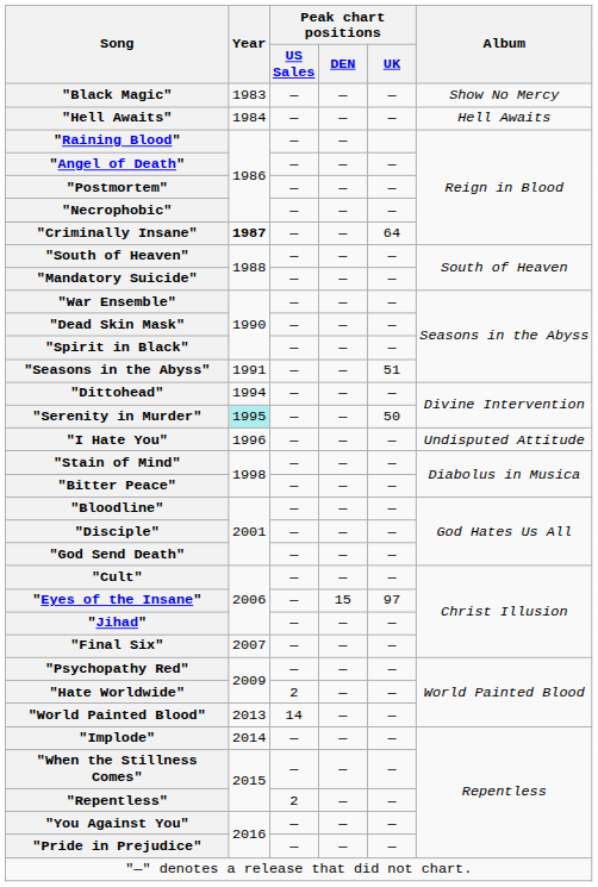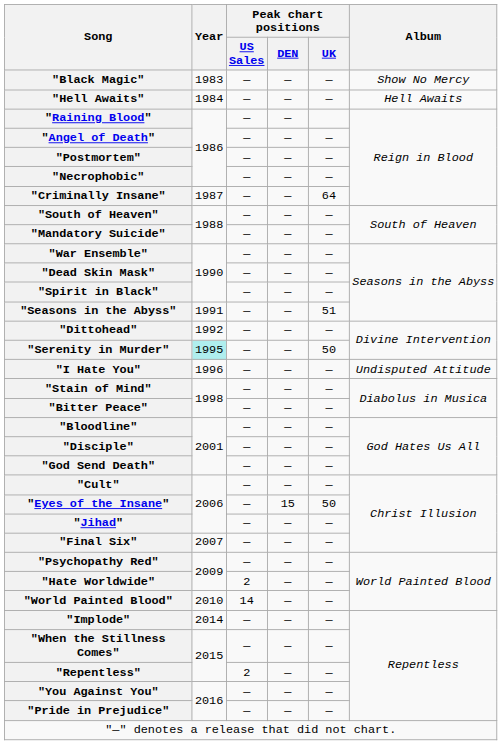 <table class="wikitable plainrowheaders">
 <tr>
 <th scope="col" rowspan="2" style="width:200px;">Song</th>
 <th scope="col" rowspan="2">Year</th>
 <th scope="col" colspan="3">Peak chart positions</th>
 <th scope="col" rowspan="2">Album</th>
 </tr>
 <tr>
 <th style="width:3em"><a href='#'>US<br>Sales</a><br></th>
 <th style="width:3em"><a href='#'>DEN</a><br></th>
 <th style="width:3em"><a href='#'>UK</a><br></th>
 </tr>
 <tr>
 <th scope="row">"Black Magic"</th>
 <td style="text-align:center;">1983</td>
 <td style="text-align:center;">—</td>
 <td style="text-align:center;">—</td>
 <td style="text-align:center;">—</td>
 <td style="text-align:center;"><em>Show No Mercy</em></td>
 </tr>
 <tr>
 <th scope="row">"Hell Awaits"</th>
 <td style="text-align:center;">1984</td>
 <td style="text-align:center;">—</td>
 <td style="text-align:center;">—</td>
 <td style="text-align:center;">—</td>
 <td style="text-align:center;"><em>Hell Awaits</em></td>
 </tr>
 <tr>
 <th scope="row">"<a href='#'>Raining Blood</a>"</th>
 <td style="text-align:center;" rowspan="4">1986</td>
 <td style="text-align:center;">—</td>
 <td style="text-align:center;">—</td>
 <td style="text-align:center;"></td>
 <td style="text-align:center;" rowspan="5"><em>Reign in Blood</em></td>
 </tr>
 <tr>
 <th scope="row">"<a href='#'>Angel of Death</a>"</th>
 <td style="text-align:center;">—</td>
 <td style="text-align:center;">—</td>
 <td style="text-align:center;">—</td>
 </tr>
 <tr>
 <th scope="row">"Postmortem"</th>
 <td style="text-align:center;">—</td>
 <td style="text-align:center;">—</td>
 <td style="text-align:center;">—</td>
 </tr>
 <tr>
 <th scope="row">"Necrophobic"</th>
 <td style="text-align:center;">—</td>
 <td style="text-align:center;">—</td>
 <td style="text-align:center;">—</td>
 </tr>
 <tr>
 <th scope="row">"Criminally Insane"</th>
-<td style="text-align:center;"><strong>1987</strong></td>
+<td style="text-align:center;">1987</td>
 <td style="text-align:center;">—</td>
 <td style="text-align:center;">—</td>
 <td style="text-align:center;">64</td>
 </tr>
 <tr>
 <th scope="row">"South of Heaven"</th>
 <td style="text-align:center;" rowspan="2">1988</td>
 <td style="text-align:center;">—</td>
 <td style="text-align:center;">—</td>
 <td style="text-align:center;">—</td>
 <td style="text-align:center;" rowspan="2"><em>South of Heaven</em></td>
 </tr>
 <tr>
 <th scope="row">"Mandatory Suicide"</th>
 <td style="text-align:center;">—</td>
 <td style="text-align:center;">—</td>
 <td style="text-align:center;">—</td>
 </tr>
 <tr>
 <th scope="row">"War Ensemble"</th>
 <td style="text-align:center;" rowspan="3">1990</td>
 <td style="text-align:center;">—</td>
 <td style="text-align:center;">—</td>
 <td style="text-align:center;">—</td>
 <td style="text-align:center;" rowspan="4"><em>Seasons in the Abyss</em></td>
 </tr>
 <tr>
 <th scope="row">"Dead Skin Mask"</th>
 <td style="text-align:center;">—</td>
 <td style="text-align:center;">—</td>
 <td style="text-align:center;">—</td>
 </tr>
 <tr>
 <th scope="row">"Spirit in Black"</th>
 <td style="text-align:center;">—</td>
 <td style="text-align:center;">—</td>
 <td style="text-align:center;">—</td>
 </tr>
 <tr>
 <th scope="row">"Seasons in the Abyss"</th>
 <td style="text-align:center;">1991</td>
 <td style="text-align:center;">—</td>
 <td style="text-align:center;">—</td>
 <td style="text-align:center;">51</td>
 </tr>
 <tr>
 <th scope="row">"Dittohead"</th>
-<td style="text-align:center;">1994</td>
+<td style="text-align:center;">1992</td>
 <td style="text-align:center;">—</td>
 <td style="text-align:center;">—</td>
 <td style="text-align:center;">—</td>
 <td style="text-align:center;" rowspan="2"><em>Divine Intervention</em></td>
 </tr>
 <tr>
 <th scope="row">"Serenity in Murder"</th>
 <td style="background: paleturquoise; text-align:center;">1995</td>
 <td style="text-align:center;">—</td>
 <td style="text-align:center;">—</td>
 <td style="text-align:center;">50</td>
 </tr>
 <tr>
 <th scope="row">"I Hate You"</th>
 <td style="text-align:center;">1996</td>
 <td style="text-align:center;">—</td>
 <td style="text-align:center;">—</td>
 <td style="text-align:center;">—</td>
 <td style="text-align:center;"><em>Undisputed Attitude</em></td>
 </tr>
 <tr>
 <th scope="row">"Stain of Mind"</th>
 <td style="text-align:center;" rowspan="2">1998</td>
 <td style="text-align:center;">—</td>
 <td style="text-align:center;">—</td>
 <td style="text-align:center;">—</td>
 <td style="text-align:center;" rowspan="2"><em>Diabolus in Musica</em></td>
 </tr>
 <tr>
 <th scope="row">"Bitter Peace"</th>
 <td style="text-align:center;">—</td>
 <td style="text-align:center;">—</td>
 <td style="text-align:center;">—</td>
 </tr>
 <tr>
 <th scope="row">"Bloodline"</th>
 <td style="text-align:center;" rowspan="3">2001</td>
 <td style="text-align:center;">—</td>
 <td style="text-align:center;">—</td>
 <td style="text-align:center;">—</td>
 <td style="text-align:center;" rowspan="3"><em>God Hates Us All</em></td>
 </tr>
 <tr>
 <th scope="row">"Disciple"</th>
 <td style="text-align:center;">—</td>
 <td style="text-align:center;">—</td>
 <td style="text-align:center;">—</td>
 </tr>
 <tr>
 <th scope="row">"God Send Death"</th>
 <td style="text-align:center;">—</td>
 <td style="text-align:center;">—</td>
 <td style="text-align:center;">—</td>
 </tr>
 <tr>
 <th scope="row">"Cult"</th>
 <td style="text-align:center;" rowspan="3">2006</td>
 <td style="text-align:center;">—</td>
 <td style="text-align:center;">—</td>
 <td style="text-align:center;">—</td>
 <td style="text-align:center;" rowspan="4"><em>Christ Illusion</em></td>
 </tr>
 <tr>
 <th scope="row">"<a href='#'>Eyes of the Insane</a>"</th>
 <td style="text-align:center;">—</td>
 <td style="text-align:center;">15</td>
-<td style="text-align:center;">97</td>
+<td style="text-align:center;">50</td>
 </tr>
 <tr>
 <th scope="row">"<a href='#'>Jihad</a>"</th>
 <td style="text-align:center;">—</td>
 <td style="text-align:center;">—</td>
 <td style="text-align:center;">—</td>
 </tr>
 <tr>
 <th scope="row">"Final Six"</th>
 <td style="text-align:center;">2007</td>
 <td style="text-align:center;">—</td>
 <td style="text-align:center;">—</td>
 <td style="text-align:center;">—</td>
 </tr>
 <tr>
 <th scope="row">"Psychopathy Red"</th>
 <td style="text-align:center;" rowspan="2">2009</td>
 <td style="text-align:center;">—</td>
 <td style="text-align:center;">—</td>
 <td style="text-align:center;">—</td>
 <td style="text-align:center;" rowspan="3"><em>World Painted Blood</em></td>
 </tr>
 <tr>
 <th scope="row">"Hate Worldwide"</th>
 <td style="text-align:center;">2</td>
 <td style="text-align:center;">—</td>
 <td style="text-align:center;">—</td>
 </tr>
 <tr>
 <th scope="row">"World Painted Blood"</th>
-<td style="text-align:center;">2013</td>
+<td style="text-align:center;">2010</td>
 <td style="text-align:center;">14</td>
 <td style="text-align:center;">—</td>
 <td style="text-align:center;">—</td>
 </tr>
 <tr>
 <th scope="row">"Implode"</th>
 <td style="text-align:center;">2014</td>
 <td style="text-align:center;">—</td>
 <td style="text-align:center;">—</td>
 <td style="text-align:center;">—</td>
 <td style="text-align:center;" rowspan="5"><em>Repentless</em></td>
 </tr>
 <tr>
 <th scope="row">"When the Stillness Comes"</th>
 <td style="text-align:center;" rowspan="2">2015</td>
 <td style="text-align:center;">—</td>
 <td style="text-align:center;">—</td>
 <td style="text-align:center;">—</td>
 </tr>
 <tr>
 <th scope="row">"Repentless"</th>
 <td style="text-align:center;">2</td>
 <td style="text-align:center;">—</td>
 <td style="text-align:center;">—</td>
 </tr>
 <tr>
 <th scope="row">"You Against You"</th>
 <td style="text-align:center;" rowspan="2">2016</td>
 <td style="text-align:center;">—</td>
 <td style="text-align:center;">—</td>
 <td style="text-align:center;">—</td>
 </tr>
 <tr>
 <th scope="row">"Pride in Prejudice"</th>
 <td style="text-align:center;">—</td>
 <td style="text-align:center;">—</td>
 <td style="text-align:center;">—</td>
 </tr>
 <tr>
 <td align="center" colspan="8">"—" denotes a release that did not chart.</td>
 </tr>
 </table>
